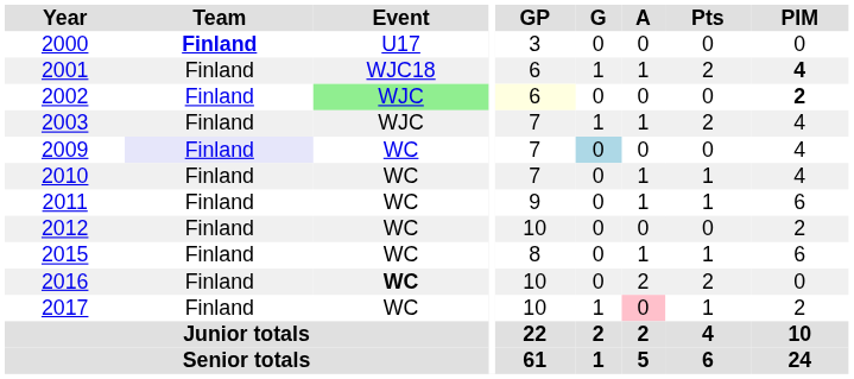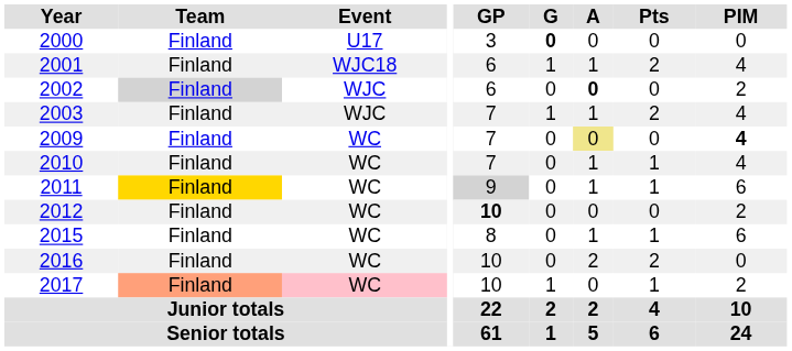 <table border="0" cellpadding="1" cellspacing="0" ID="Table3" style="text-align:center; width:40em">
 <tr ALIGN="center" bgcolor="#e0e0e0">
 <th>Year</th>
 <th>Team</th>
 <th>Event</th>
 <th rowspan="99" bgcolor="#ffffff"></th>
 <th>GP</th>
 <th>G</th>
 <th>A</th>
 <th>Pts</th>
 <th>PIM</th>
 </tr>
 <tr>
 <td><a href='#'>2000</a></td>
-<td><strong><a href='#'>Finland</a></strong></td>
+<td><a href='#'>Finland</a></td>
 <td><a href='#'>U17</a></td>
 <td>3</td>
-<td>0</td>
+<td><strong>0</strong></td>
 <td>0</td>
 <td>0</td>
 <td>0</td>
 </tr>
 <tr bgcolor="#f0f0f0">
 <td><a href='#'>2001</a></td>
 <td>Finland</td>
 <td><a href='#'>WJC18</a></td>
 <td>6</td>
 <td>1</td>
 <td>1</td>
 <td>2</td>
-<td><strong>4</strong></td>
+<td>4</td>
 </tr>
 <tr>
 <td><a href='#'>2002</a></td>
-<td><a href='#'>Finland</a></td>
-<td style="background: lightgreen;"><a href='#'>WJC</a></td>
-<td style="background: lightyellow;">6</td>
+<td style="background: lightgrey;"><a href='#'>Finland</a></td>
+<td><a href='#'>WJC</a></td>
+<td>6</td>
 <td>0</td>
+<td><strong>0</strong></td>
 <td>0</td>
-<td>0</td>
-<td><strong>2</strong></td>
+<td>2</td>
 </tr>
 <tr bgcolor="#f0f0f0">
 <td><a href='#'>2003</a></td>
 <td>Finland</td>
 <td>WJC</td>
 <td>7</td>
 <td>1</td>
 <td>1</td>
 <td>2</td>
 <td>4</td>
 </tr>
 <tr>
 <td><a href='#'>2009</a></td>
-<td style="background: lavender;"><a href='#'>Finland</a></td>
+<td><a href='#'>Finland</a></td>
 <td><a href='#'>WC</a></td>
 <td>7</td>
-<td style="background: lightblue;">0</td>
 <td>0</td>
+<td style="background: khaki;">0</td>
 <td>0</td>
-<td>4</td>
+<td><strong>4</strong></td>
 </tr>
 <tr bgcolor="#f0f0f0">
 <td><a href='#'>2010</a></td>
 <td>Finland</td>
 <td>WC</td>
 <td>7</td>
 <td>0</td>
 <td>1</td>
 <td>1</td>
 <td>4</td>
 </tr>
 <tr>
 <td><a href='#'>2011</a></td>
-<td>Finland</td>
+<td style="background: gold;">Finland</td>
 <td>WC</td>
-<td>9</td>
+<td style="background: lightgrey;">9</td>
 <td>0</td>
 <td>1</td>
 <td>1</td>
 <td>6</td>
 </tr>
 <tr bgcolor="#f0f0f0">
 <td><a href='#'>2012</a></td>
 <td>Finland</td>
 <td>WC</td>
-<td>10</td>
+<td><strong>10</strong></td>
 <td>0</td>
 <td>0</td>
 <td>0</td>
 <td>2</td>
 </tr>
 <tr>
 <td><a href='#'>2015</a></td>
 <td>Finland</td>
 <td>WC</td>
 <td>8</td>
 <td>0</td>
 <td>1</td>
 <td>1</td>
 <td>6</td>
 </tr>
 <tr bgcolor="#f0f0f0">
 <td><a href='#'>2016</a></td>
 <td>Finland</td>
-<td><strong>WC</strong></td>
+<td>WC</td>
 <td>10</td>
 <td>0</td>
 <td>2</td>
 <td>2</td>
 <td>0</td>
 </tr>
 <tr>
 <td><a href='#'>2017</a></td>
-<td>Finland</td>
-<td>WC</td>
+<td style="background: lightsalmon;">Finland</td>
+<td style="background: pink;">WC</td>
 <td>10</td>
 <td>1</td>
-<td style="background: pink;">0</td>
+<td>0</td>
 <td>1</td>
 <td>2</td>
 </tr>
 <tr bgcolor="#e0e0e0">
 <th colspan="3">Junior totals</th>
 <th>22</th>
 <th>2</th>
 <th>2</th>
 <th>4</th>
 <th>10</th>
 </tr>
 <tr bgcolor="#e0e0e0">
 <th colspan="3">Senior totals</th>
 <th>61</th>
 <th>1</th>
 <th>5</th>
 <th>6</th>
 <th>24</th>
 </tr>
 </table>
